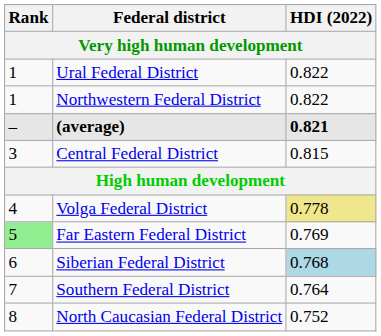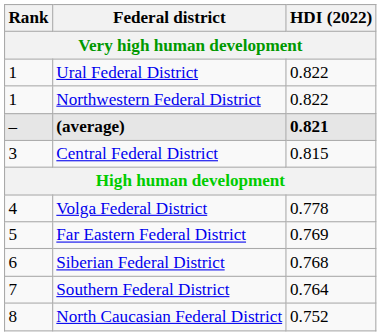 <table class="wikitable sortable">
 <tr>
 <th>Rank</th>
 <th>Federal district</th>
 <th>HDI (2022)</th>
 </tr>
 <tr>
 <th colspan="3" style="color:#090;">Very high human development</th>
 </tr>
 <tr>
 <td>1</td>
 <td style="text-align:left"><a href='#'>Ural Federal District</a></td>
 <td>0.822</td>
 </tr>
 <tr>
 <td>1</td>
 <td style="text-align:left"><a href='#'>Northwestern Federal District</a></td>
 <td>0.822</td>
 </tr>
 <tr style="background:#e6e6e6">
 <td>–</td>
 <td style="text-align:left"><strong> (average)</strong></td>
 <td><strong>0.821</strong></td>
 </tr>
 <tr>
 <td>3</td>
 <td style="text-align:left"><a href='#'>Central Federal District</a></td>
 <td>0.815</td>
 </tr>
 <tr>
 <th colspan="3" style="color:#0c0;">High human development</th>
 </tr>
 <tr>
 <td>4</td>
 <td style="text-align:left"><a href='#'>Volga Federal District</a></td>
-<td style="background: khaki;">0.778</td>
+<td>0.778</td>
 </tr>
 <tr>
-<td style="background: lightgreen;">5</td>
+<td>5</td>
 <td style="text-align:left"><a href='#'>Far Eastern Federal District</a></td>
 <td>0.769</td>
 </tr>
 <tr>
 <td>6</td>
 <td style="text-align:left"><a href='#'>Siberian Federal District</a></td>
-<td style="background: lightblue;">0.768</td>
+<td>0.768</td>
 </tr>
 <tr>
 <td>7</td>
 <td style="text-align:left"><a href='#'>Southern Federal District</a></td>
 <td>0.764</td>
 </tr>
 <tr>
 <td>8</td>
 <td style="text-align:left"><a href='#'>North Caucasian Federal District</a></td>
 <td>0.752</td>
 </tr>
 </table>
